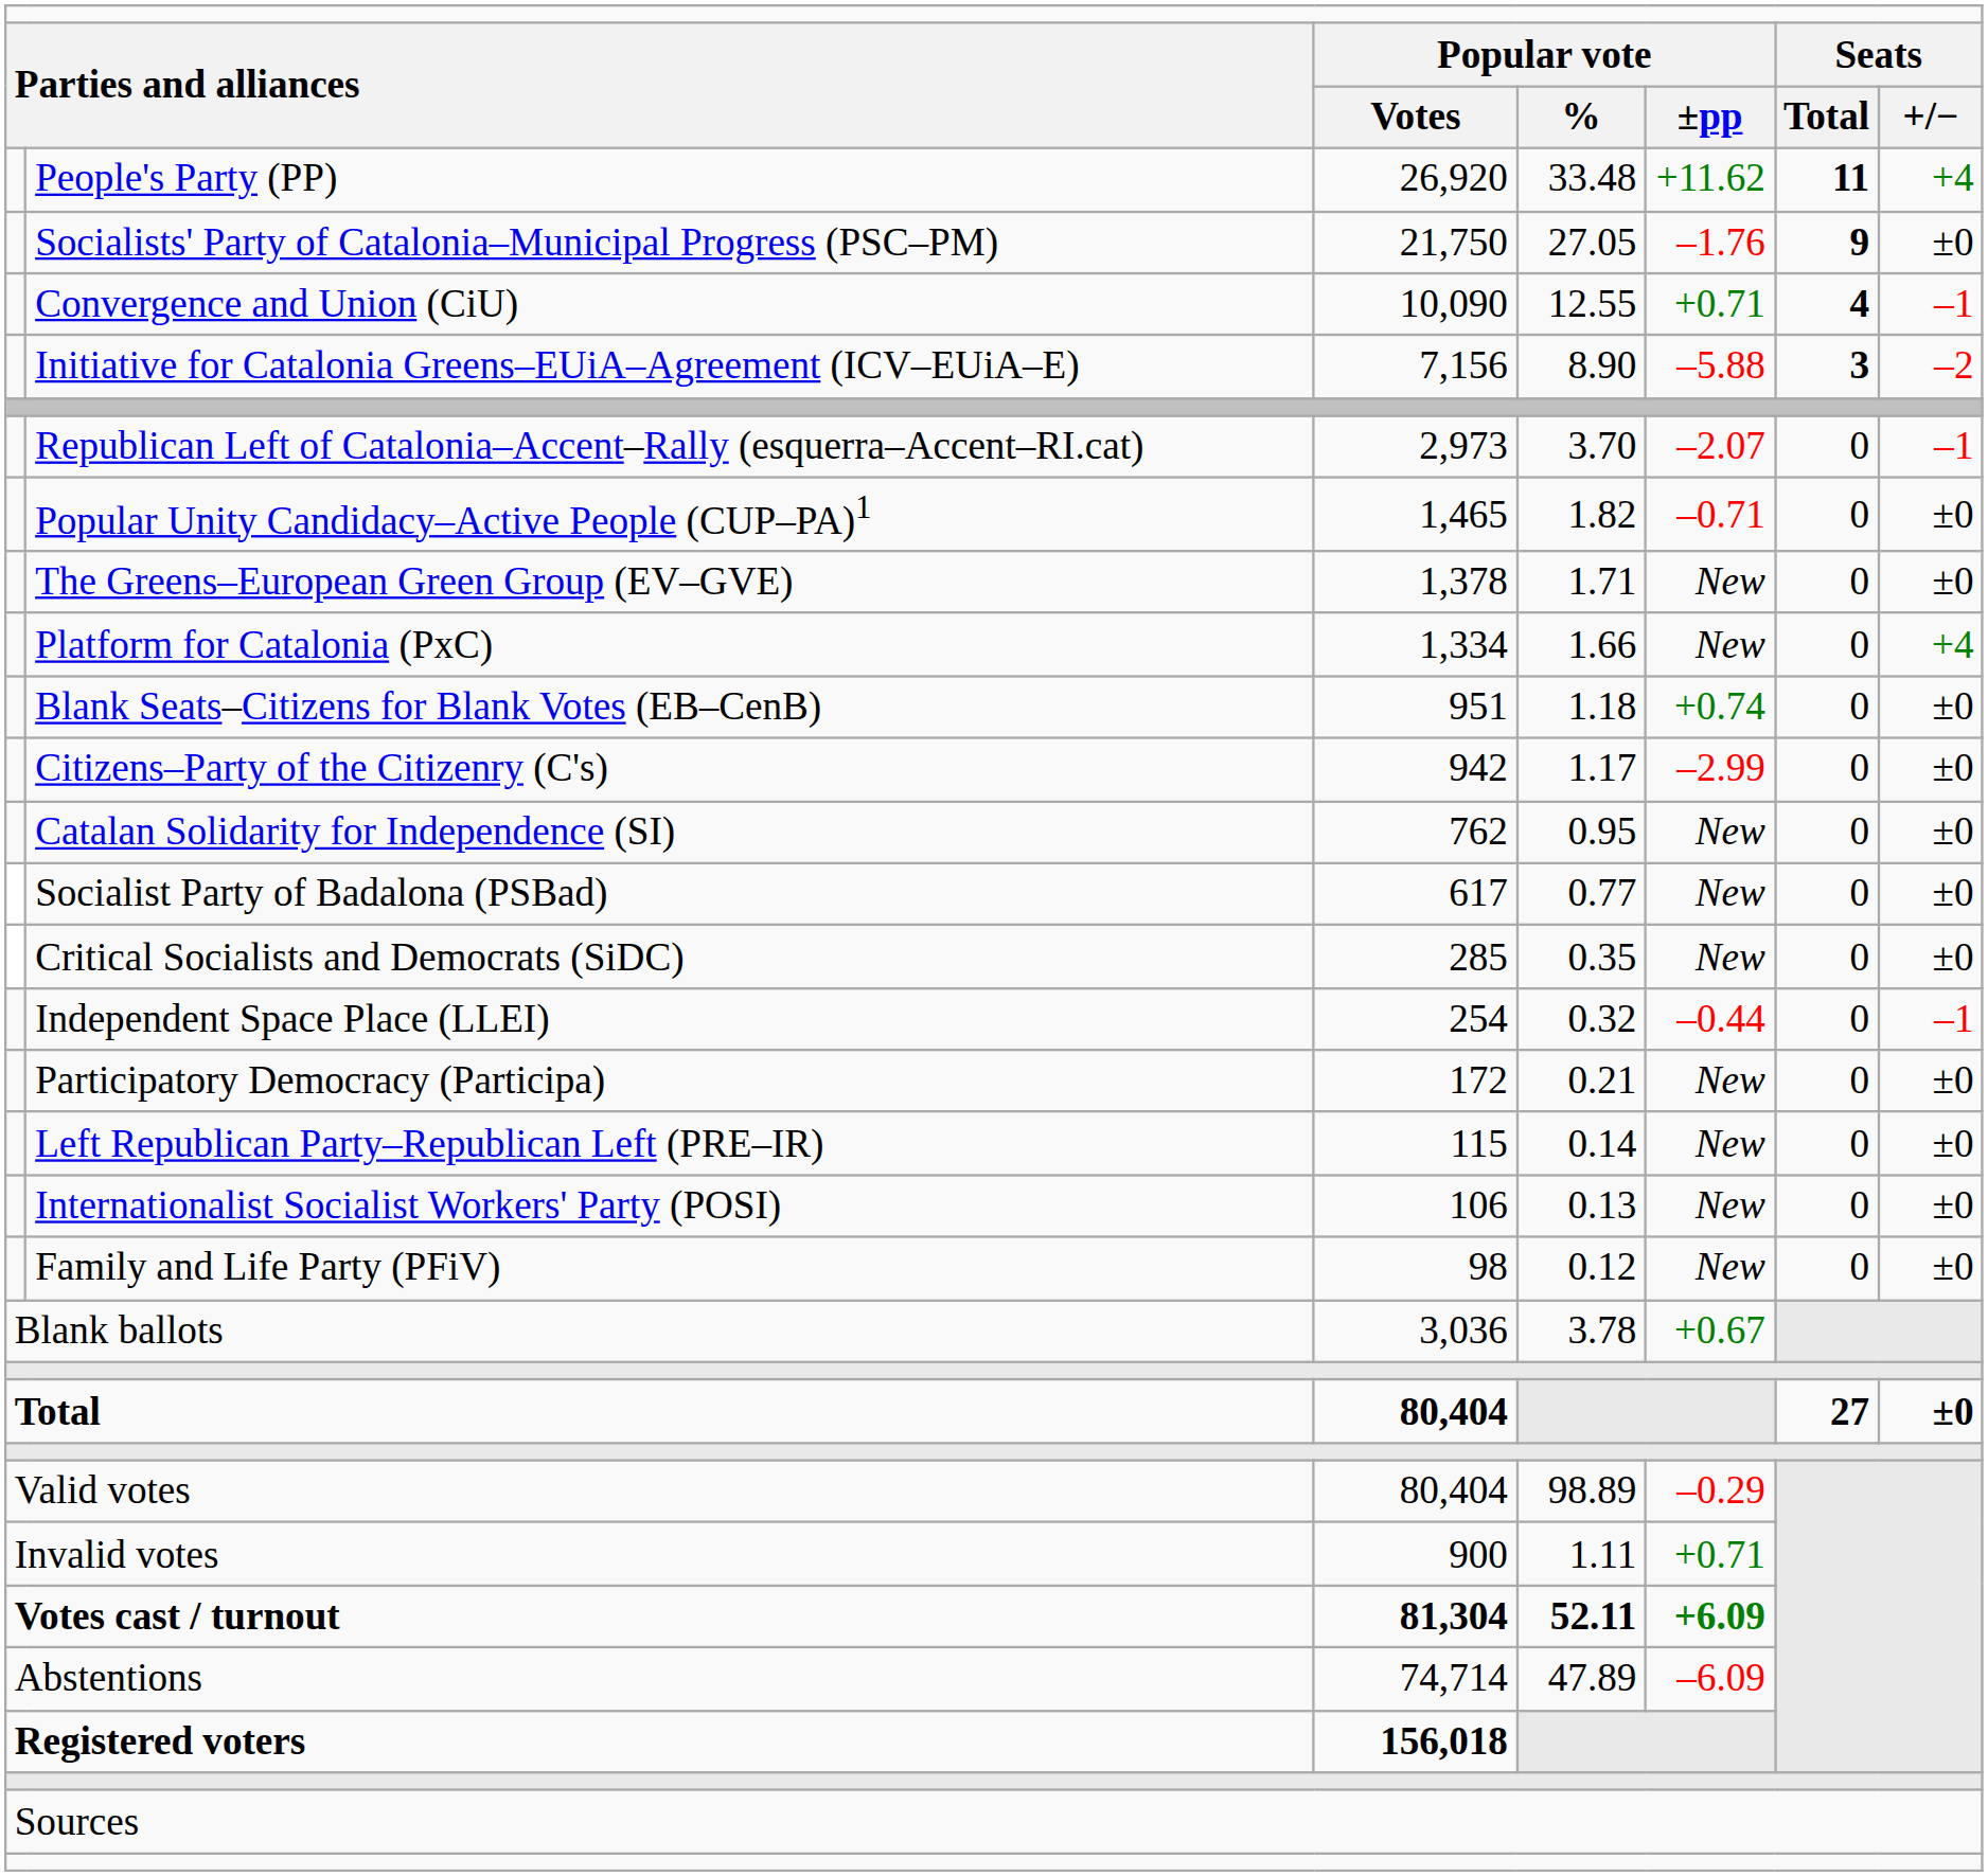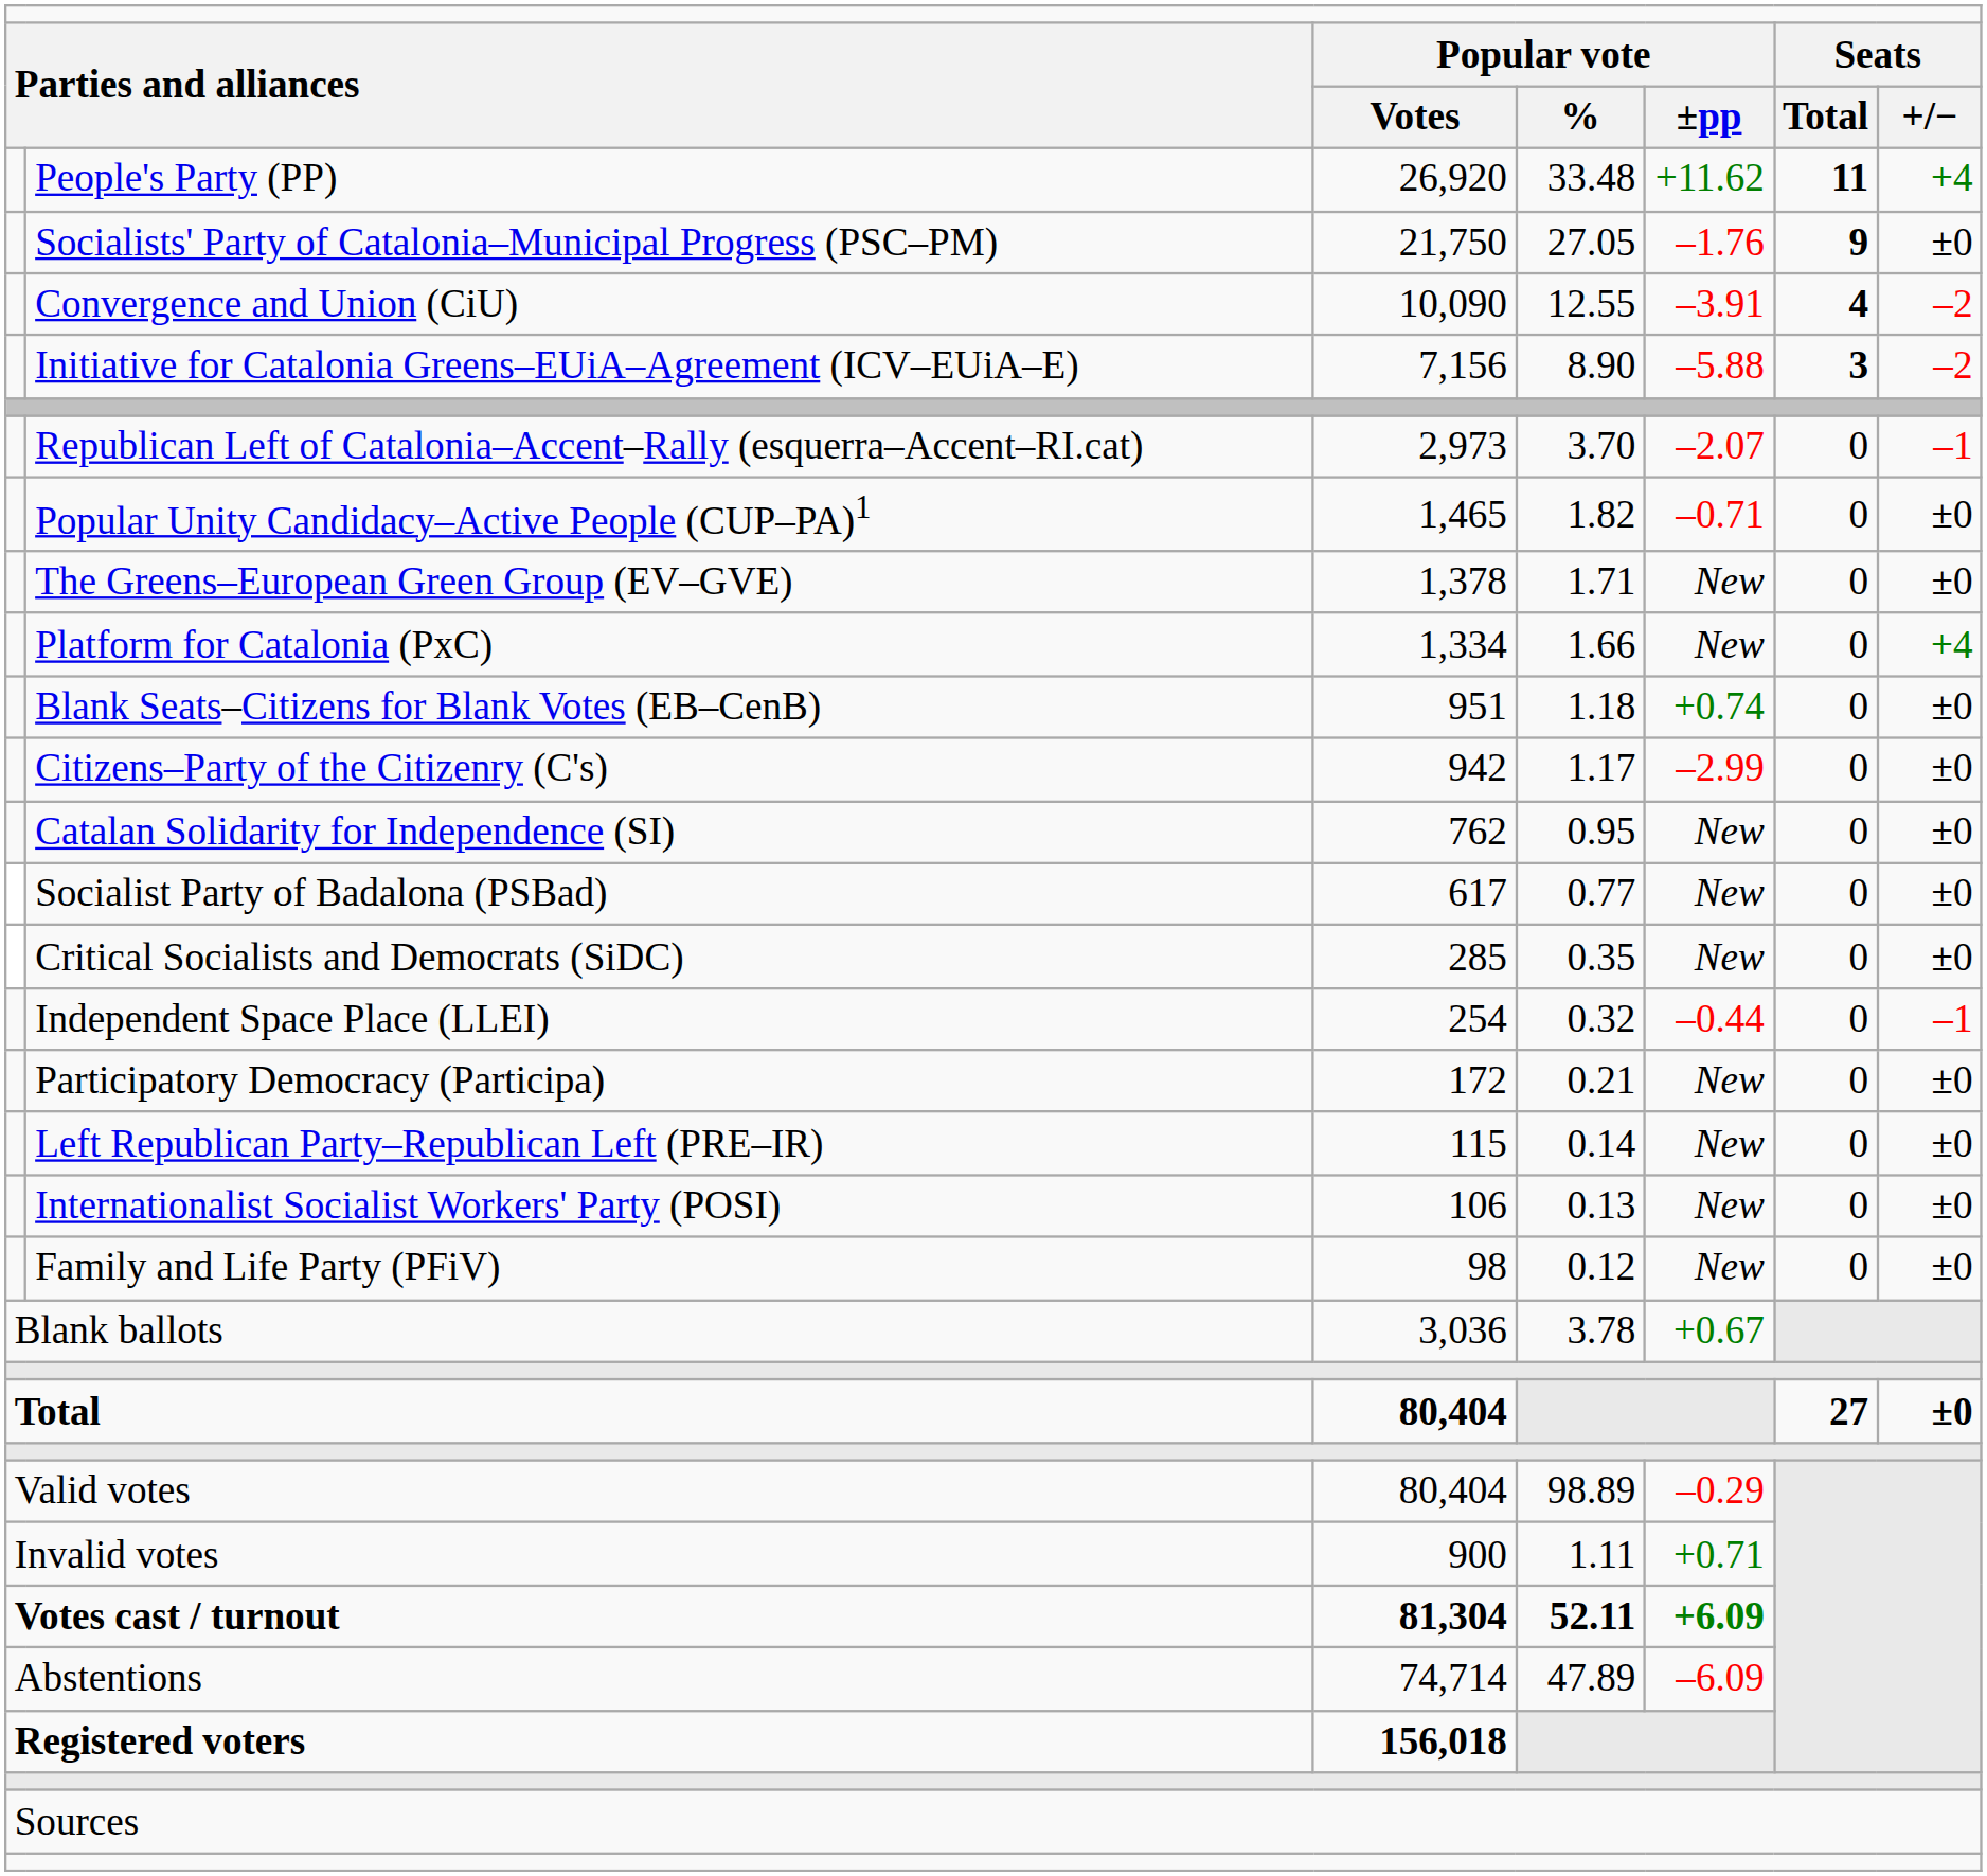 <table class="wikitable" style="text-align:right;">
 <tr>
 <td colspan="7"></td>
 </tr>
 <tr>
 <th style="text-align:left;" rowspan="2" colspan="2" width="525">Parties and alliances</th>
 <th colspan="3">Popular vote</th>
 <th colspan="2">Seats</th>
 </tr>
 <tr>
 <th width="75">Votes</th>
 <th width="45">%</th>
 <th width="45">±<a href='#'>pp</a></th>
 <th width="35">Total</th>
 <th width="35">+/−</th>
 </tr>
 <tr>
 <td width="1" style="color:inherit;background:"></td>
 <td align="left"><a href='#'>People's Party</a> (PP)</td>
 <td>26,920</td>
 <td>33.48</td>
 <td style="color:green;">+11.62</td>
 <td><strong>11</strong></td>
 <td style="color:green;">+4</td>
 </tr>
 <tr>
 <td style="color:inherit;background:"></td>
 <td align="left"><a href='#'>Socialists' Party of Catalonia–Municipal Progress</a> (PSC–PM)</td>
 <td>21,750</td>
 <td>27.05</td>
 <td style="color:red;">–1.76</td>
 <td><strong>9</strong></td>
 <td>±0</td>
 </tr>
 <tr>
 <td style="color:inherit;background:"></td>
 <td align="left"><a href='#'>Convergence and Union</a> (CiU)</td>
 <td>10,090</td>
 <td>12.55</td>
-<td style="color:green;">+0.71</td>
+<td style="color:red;">–3.91</td>
 <td><strong>4</strong></td>
-<td style="color:red;">–1</td>
+<td style="color:red;">–2</td>
 </tr>
 <tr>
 <td style="color:inherit;background:"></td>
 <td align="left"><a href='#'>Initiative for Catalonia Greens–EUiA–Agreement</a> (ICV–EUiA–E)</td>
 <td>7,156</td>
 <td>8.90</td>
 <td style="color:red;">–5.88</td>
 <td><strong>3</strong></td>
 <td style="color:red;">–2</td>
 </tr>
 <tr>
 <td colspan="7" style="color:inherit;background:#C0C0C0"></td>
 </tr>
 <tr>
 <td style="color:inherit;background:"></td>
 <td align="left"><a href='#'>Republican Left of Catalonia–Accent</a>–<a href='#'>Rally</a> (esquerra–Accent–RI.cat)</td>
 <td>2,973</td>
 <td>3.70</td>
 <td style="color:red;">–2.07</td>
 <td>0</td>
 <td style="color:red;">–1</td>
 </tr>
 <tr>
 <td style="color:inherit;background:"></td>
 <td align="left"><a href='#'>Popular Unity Candidacy–Active People</a> (CUP–PA)<sup>1</sup></td>
 <td>1,465</td>
 <td>1.82</td>
 <td style="color:red;">–0.71</td>
 <td>0</td>
 <td>±0</td>
 </tr>
 <tr>
 <td style="color:inherit;background:"></td>
 <td align="left"><a href='#'>The Greens–European Green Group</a> (EV–GVE)</td>
 <td>1,378</td>
 <td>1.71</td>
 <td><em>New</em></td>
 <td>0</td>
 <td>±0</td>
 </tr>
 <tr>
 <td style="color:inherit;background:"></td>
 <td align="left"><a href='#'>Platform for Catalonia</a> (PxC)</td>
 <td>1,334</td>
 <td>1.66</td>
 <td><em>New</em></td>
 <td>0</td>
 <td style="color:green;">+4</td>
 </tr>
 <tr>
 <td style="color:inherit;background:"></td>
 <td align="left"><a href='#'>Blank Seats</a>–<a href='#'>Citizens for Blank Votes</a> (EB–CenB)</td>
 <td>951</td>
 <td>1.18</td>
 <td style="color:green;">+0.74</td>
 <td>0</td>
 <td>±0</td>
 </tr>
 <tr>
 <td style="color:inherit;background:"></td>
 <td align="left"><a href='#'>Citizens–Party of the Citizenry</a> (C's)</td>
 <td>942</td>
 <td>1.17</td>
 <td style="color:red;">–2.99</td>
 <td>0</td>
 <td>±0</td>
 </tr>
 <tr>
 <td style="color:inherit;background:"></td>
 <td align="left"><a href='#'>Catalan Solidarity for Independence</a> (SI)</td>
 <td>762</td>
 <td>0.95</td>
 <td><em>New</em></td>
 <td>0</td>
 <td>±0</td>
 </tr>
 <tr>
 <td bgcolor="white"></td>
 <td align="left">Socialist Party of Badalona (PSBad)</td>
 <td>617</td>
 <td>0.77</td>
 <td><em>New</em></td>
 <td>0</td>
 <td>±0</td>
 </tr>
 <tr>
 <td bgcolor="white"></td>
 <td align="left">Critical Socialists and Democrats (SiDC)</td>
 <td>285</td>
 <td>0.35</td>
 <td><em>New</em></td>
 <td>0</td>
 <td>±0</td>
 </tr>
 <tr>
 <td style="color:inherit;background:"></td>
 <td align="left">Independent Space Place (LLEI)</td>
 <td>254</td>
 <td>0.32</td>
 <td style="color:red;">–0.44</td>
 <td>0</td>
 <td style="color:red;">–1</td>
 </tr>
 <tr>
 <td style="color:inherit;background:"></td>
 <td align="left">Participatory Democracy (Participa)</td>
 <td>172</td>
 <td>0.21</td>
 <td><em>New</em></td>
 <td>0</td>
 <td>±0</td>
 </tr>
 <tr>
 <td style="color:inherit;background:"></td>
 <td align="left"><a href='#'>Left Republican Party–Republican Left</a> (PRE–IR)</td>
 <td>115</td>
 <td>0.14</td>
 <td><em>New</em></td>
 <td>0</td>
 <td>±0</td>
 </tr>
 <tr>
 <td style="color:inherit;background:"></td>
 <td align="left"><a href='#'>Internationalist Socialist Workers' Party</a> (POSI)</td>
 <td>106</td>
 <td>0.13</td>
 <td><em>New</em></td>
 <td>0</td>
 <td>±0</td>
 </tr>
 <tr>
 <td style="color:inherit;background:"></td>
 <td align="left">Family and Life Party (PFiV)</td>
 <td>98</td>
 <td>0.12</td>
 <td><em>New</em></td>
 <td>0</td>
 <td>±0</td>
 </tr>
 <tr>
 <td align="left" colspan="2">Blank ballots</td>
 <td>3,036</td>
 <td>3.78</td>
 <td style="color:green;">+0.67</td>
 <td style="color:inherit;background:#E9E9E9" colspan="2"></td>
 </tr>
 <tr>
 <td colspan="7" style="color:inherit;background:#E9E9E9"></td>
 </tr>
 <tr style="font-weight:bold;">
 <td align="left" colspan="2">Total</td>
 <td>80,404</td>
 <td bgcolor="#E9E9E9" colspan="2"></td>
 <td>27</td>
 <td>±0</td>
 </tr>
 <tr>
 <td colspan="7" style="color:inherit;background:#E9E9E9"></td>
 </tr>
 <tr>
 <td align="left" colspan="2">Valid votes</td>
 <td>80,404</td>
 <td>98.89</td>
 <td style="color:red;">–0.29</td>
 <td bgcolor="#E9E9E9" colspan="2" rowspan="5"></td>
 </tr>
 <tr>
 <td align="left" colspan="2">Invalid votes</td>
 <td>900</td>
 <td>1.11</td>
 <td style="color:green;">+0.71</td>
 </tr>
 <tr style="font-weight:bold;">
 <td align="left" colspan="2">Votes cast / turnout</td>
 <td>81,304</td>
 <td>52.11</td>
 <td style="color:green;">+6.09</td>
 </tr>
 <tr>
 <td align="left" colspan="2">Abstentions</td>
 <td>74,714</td>
 <td>47.89</td>
 <td style="color:red;">–6.09</td>
 </tr>
 <tr style="font-weight:bold;">
 <td align="left" colspan="2">Registered voters</td>
 <td>156,018</td>
 <td bgcolor="#E9E9E9" colspan="2"></td>
 </tr>
 <tr>
 <td colspan="7" style="color:inherit;background:#E9E9E9"></td>
 </tr>
 <tr>
 <td align="left" colspan="7">Sources</td>
 </tr>
 <tr>
 <td colspan="7" style="text-align:left; max-width:790px;"></td>
 </tr>
 </table>
